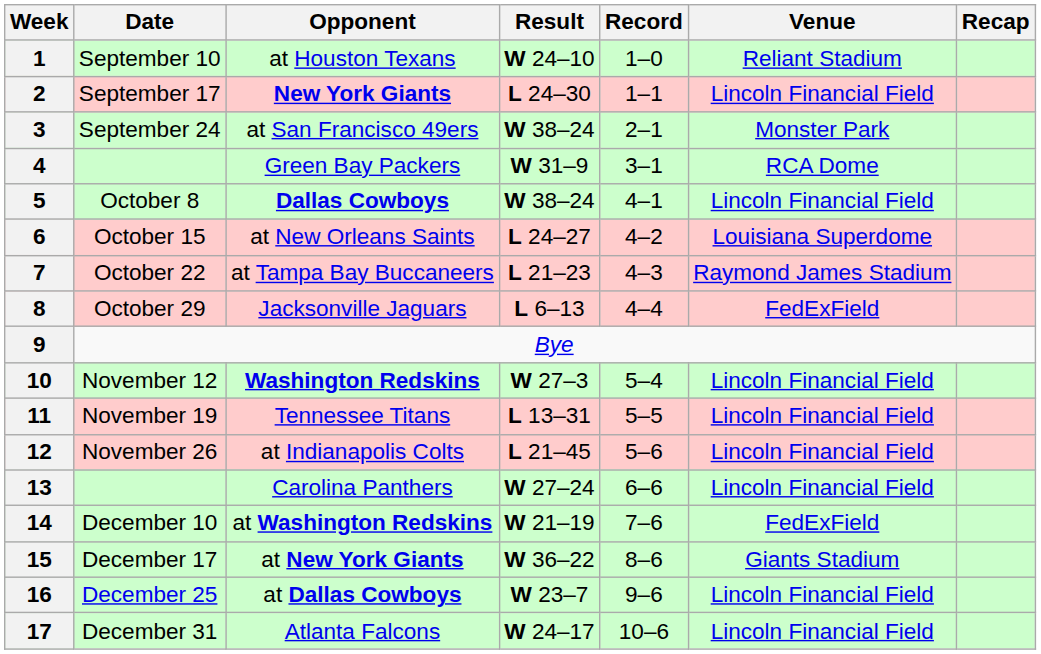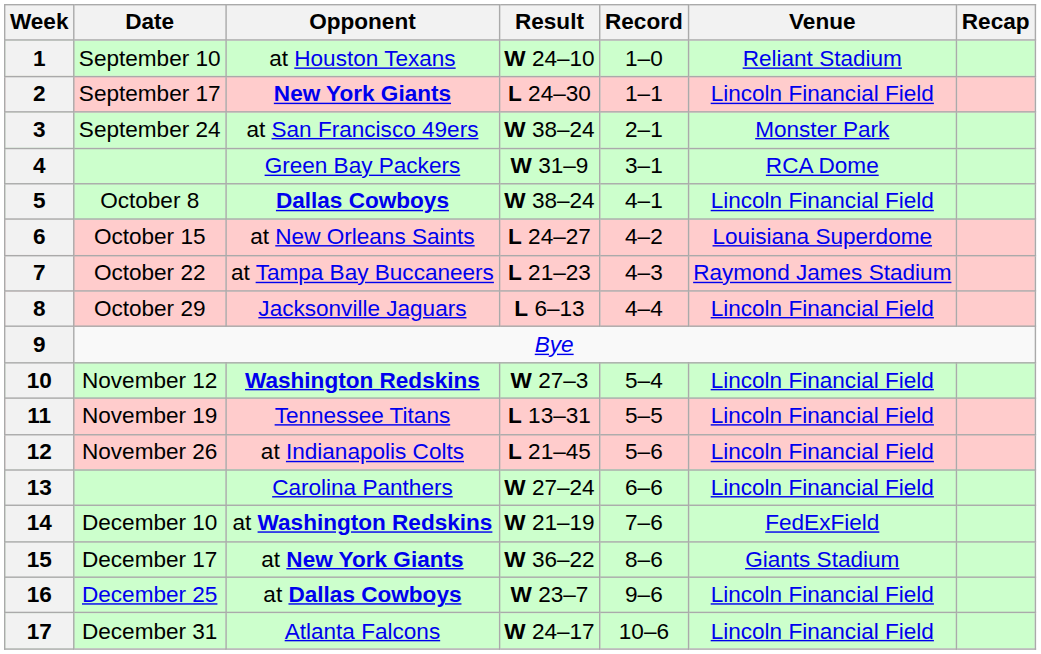 <table class="wikitable" style="text-align:center">
 <tr>
 <th>Week</th>
 <th>Date</th>
 <th>Opponent</th>
 <th>Result</th>
 <th>Record</th>
 <th>Venue</th>
 <th>Recap</th>
 </tr>
 <tr style="background:#cfc">
 <th>1</th>
 <td>September 10</td>
 <td>at <a href='#'>Houston Texans</a></td>
 <td><strong>W</strong> 24–10</td>
 <td>1–0</td>
 <td><a href='#'>Reliant Stadium</a></td>
 <td></td>
 </tr>
 <tr style="background:#fcc;">
 <th>2</th>
 <td>September 17</td>
 <td><strong><a href='#'>New York Giants</a></strong></td>
 <td><strong>L</strong> 24–30 </td>
 <td>1–1</td>
 <td><a href='#'>Lincoln Financial Field</a></td>
 <td></td>
 </tr>
 <tr style="background:#cfc">
 <th>3</th>
 <td>September 24</td>
 <td>at <a href='#'>San Francisco 49ers</a></td>
 <td><strong>W</strong> 38–24</td>
 <td>2–1</td>
 <td><a href='#'>Monster Park</a></td>
 <td></td>
 </tr>
 <tr style="background:#cfc">
 <th>4</th>
 <td></td>
 <td><a href='#'>Green Bay Packers</a></td>
 <td><strong>W</strong> 31–9</td>
 <td>3–1</td>
 <td><a href='#'>RCA Dome</a></td>
 <td></td>
 </tr>
 <tr style="background:#cfc">
 <th>5</th>
 <td>October 8</td>
 <td><strong><a href='#'>Dallas Cowboys</a></strong></td>
 <td><strong>W</strong> 38–24</td>
 <td>4–1</td>
 <td><a href='#'>Lincoln Financial Field</a></td>
 <td></td>
 </tr>
 <tr style="background:#fcc;">
 <th>6</th>
 <td>October 15</td>
 <td>at <a href='#'>New Orleans Saints</a></td>
 <td><strong>L</strong> 24–27</td>
 <td>4–2</td>
 <td><a href='#'>Louisiana Superdome</a></td>
 <td></td>
 </tr>
 <tr style="background:#fcc;">
 <th>7</th>
 <td>October 22</td>
 <td>at <a href='#'>Tampa Bay Buccaneers</a></td>
 <td><strong>L</strong> 21–23</td>
 <td>4–3</td>
 <td><a href='#'>Raymond James Stadium</a></td>
 <td></td>
 </tr>
 <tr style="background:#fcc;">
 <th>8</th>
 <td>October 29</td>
 <td><a href='#'>Jacksonville Jaguars</a></td>
 <td><strong>L</strong> 6–13</td>
 <td>4–4</td>
-<td><a href='#'>FedExField</a></td>
+<td><a href='#'>Lincoln Financial Field</a></td>
 <td></td>
 </tr>
 <tr>
 <th>9</th>
 <td colspan="6"><em><a href='#'>Bye</a></em></td>
 </tr>
 <tr style="background:#cfc">
 <th>10</th>
 <td>November 12</td>
 <td><strong><a href='#'>Washington Redskins</a></strong></td>
 <td><strong>W</strong> 27–3</td>
 <td>5–4</td>
 <td><a href='#'>Lincoln Financial Field</a></td>
 <td></td>
 </tr>
 <tr style="background:#fcc;">
 <th>11</th>
 <td>November 19</td>
 <td><a href='#'>Tennessee Titans</a></td>
 <td><strong>L</strong> 13–31</td>
 <td>5–5</td>
 <td><a href='#'>Lincoln Financial Field</a></td>
 <td></td>
 </tr>
 <tr style="background:#fcc;">
 <th>12</th>
 <td>November 26</td>
 <td>at <a href='#'>Indianapolis Colts</a></td>
 <td><strong>L</strong> 21–45</td>
 <td>5–6</td>
 <td><a href='#'>Lincoln Financial Field</a></td>
 <td></td>
 </tr>
 <tr style="background:#cfc">
 <th>13</th>
 <td></td>
 <td><a href='#'>Carolina Panthers</a></td>
 <td><strong>W</strong> 27–24</td>
 <td>6–6</td>
 <td><a href='#'>Lincoln Financial Field</a></td>
 <td></td>
 </tr>
 <tr style="background:#cfc">
 <th>14</th>
 <td>December 10</td>
 <td>at <strong><a href='#'>Washington Redskins</a></strong></td>
 <td><strong>W</strong> 21–19</td>
 <td>7–6</td>
 <td><a href='#'>FedExField</a></td>
 <td></td>
 </tr>
 <tr style="background:#cfc">
 <th>15</th>
 <td>December 17</td>
 <td>at <strong><a href='#'>New York Giants</a></strong></td>
 <td><strong>W</strong> 36–22</td>
 <td>8–6</td>
 <td><a href='#'>Giants Stadium</a></td>
 <td></td>
 </tr>
 <tr style="background:#cfc">
 <th>16</th>
 <td><a href='#'>December 25</a></td>
 <td>at <strong><a href='#'>Dallas Cowboys</a></strong></td>
 <td><strong>W</strong> 23–7</td>
 <td>9–6</td>
 <td><a href='#'>Lincoln Financial Field</a></td>
 <td></td>
 </tr>
 <tr style="background:#cfc">
 <th>17</th>
 <td>December 31</td>
 <td><a href='#'>Atlanta Falcons</a></td>
 <td><strong>W</strong> 24–17</td>
 <td>10–6</td>
 <td><a href='#'>Lincoln Financial Field</a></td>
 <td></td>
 </tr>
 </table>
